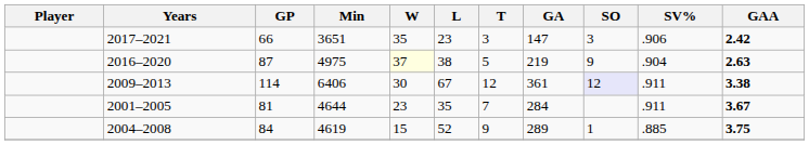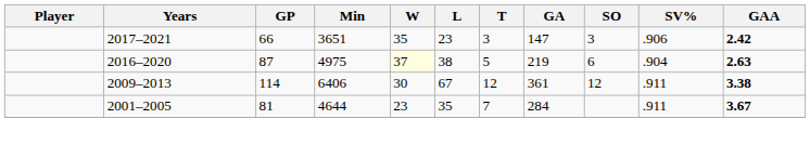 <table class="wikitable sortable" width = 900>
 <tr>
 <th>Player</th>
 <th>Years</th>
 <th>GP</th>
 <th>Min</th>
 <th>W</th>
 <th>L</th>
 <th>T</th>
 <th>GA</th>
 <th>SO</th>
 <th>SV%</th>
 <th>GAA</th>
 </tr>
 <tr>
 <td></td>
 <td>2017–2021</td>
 <td>66</td>
 <td>3651</td>
 <td>35</td>
 <td>23</td>
 <td>3</td>
 <td>147</td>
 <td>3</td>
 <td>.906</td>
 <td><strong>2.42</strong></td>
 </tr>
 <tr>
 <td></td>
 <td>2016–2020</td>
 <td>87</td>
 <td>4975</td>
 <td style="background: lightyellow;">37</td>
 <td>38</td>
 <td>5</td>
 <td>219</td>
-<td>9</td>
+<td>6</td>
 <td>.904</td>
 <td><strong>2.63</strong></td>
 </tr>
 <tr>
 <td></td>
 <td>2009–2013</td>
 <td>114</td>
 <td>6406</td>
 <td>30</td>
 <td>67</td>
 <td>12</td>
 <td>361</td>
-<td style="background: lavender;">12</td>
+<td>12</td>
 <td>.911</td>
 <td><strong>3.38</strong></td>
 </tr>
 <tr>
 <td></td>
 <td>2001–2005</td>
 <td>81</td>
 <td>4644</td>
 <td>23</td>
 <td>35</td>
 <td>7</td>
 <td>284</td>
 <td></td>
 <td>.911</td>
 <td><strong>3.67</strong></td>
 </tr>
 <tr>
-<td></td>
-<td>2004–2008</td>
-<td>84</td>
-<td>4619</td>
-<td>15</td>
-<td>52</td>
-<td>9</td>
-<td>289</td>
-<td>1</td>
-<td>.885</td>
-<td><strong>3.75</strong></td>
-</tr>
-<tr>
 </tr>
 </table>
